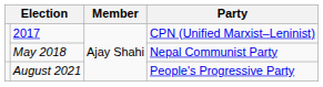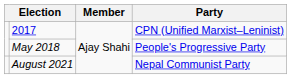 <table class="wikitable">
 <tr>
 <th colspan="2">Election</th>
 <th>Member</th>
 <th>Party</th>
 </tr>
 <tr>
 <td rowspan="2" style="background-color:"></td>
 <td><a href='#'>2017</a></td>
 <td rowspan="3">Ajay Shahi</td>
 <td><a href='#'>CPN (Unified Marxist–Leninist)</a></td>
 </tr>
 <tr>
 <td><em>May 2018</em></td>
-<td><a href='#'>Nepal Communist Party</a></td>
+<td><a href='#'>People's Progressive Party</a></td>
 </tr>
 <tr>
 <td style="background-color:"></td>
 <td><em>August 2021</em></td>
-<td><a href='#'>People's Progressive Party</a></td>
+<td><a href='#'>Nepal Communist Party</a></td>
 </tr>
 </table>
